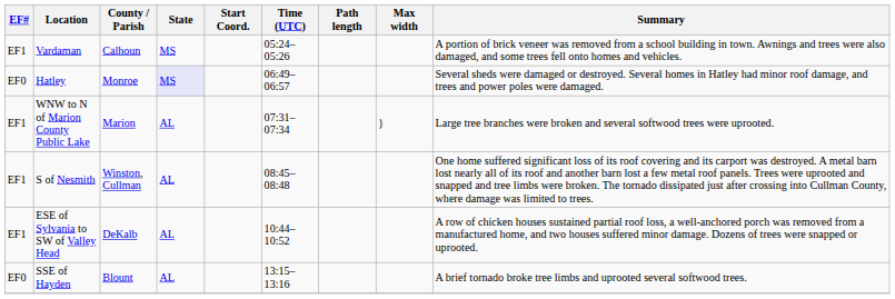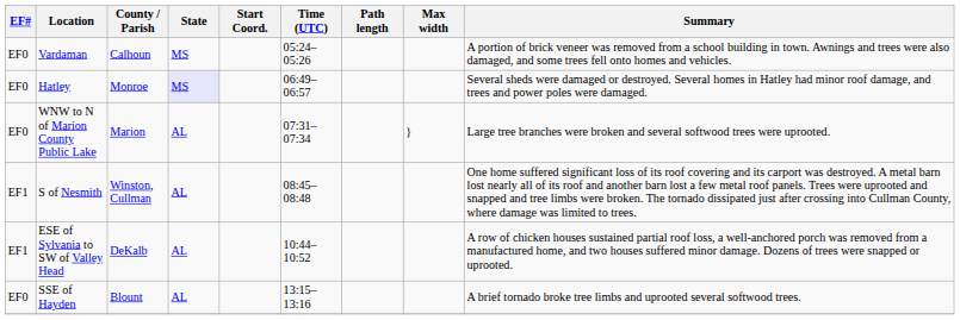 <table class="wikitable sortable" style="width:100%;">
 <tr>
 <th scope="col"  style="width:3%; text-align:center;"><a href='#'>EF#</a></th>
 <th scope="col"  style="width:7%; text-align:center;" class="unsortable">Location</th>
 <th scope="col"  style="width:6%; text-align:center;" class="unsortable">County / Parish</th>
 <th scope="col"  style="width:5%; text-align:center;">State</th>
 <th scope="col"  style="width:6%; text-align:center;">Start Coord.</th>
 <th scope="col"  style="width:6%; text-align:center;">Time (<a href='#'>UTC</a>)</th>
 <th scope="col"  style="width:6%; text-align:center;">Path length</th>
 <th scope="col"  style="width:6%; text-align:center;">Max width</th>
 <th scope="col" class="unsortable" style="width:48%; text-align:center;">Summary</th>
 </tr>
 <tr>
-<td>EF1</td>
+<td>EF0</td>
 <td><a href='#'>Vardaman</a></td>
 <td><a href='#'>Calhoun</a></td>
 <td><a href='#'>MS</a></td>
 <td></td>
 <td>05:24–05:26</td>
 <td></td>
 <td></td>
 <td>A portion of brick veneer was removed from a school building in town. Awnings and trees were also damaged, and some trees fell onto homes and vehicles.</td>
 </tr>
 <tr>
 <td>EF0</td>
 <td><a href='#'>Hatley</a></td>
 <td><a href='#'>Monroe</a></td>
 <td style="background: lavender;"><a href='#'>MS</a></td>
 <td></td>
 <td>06:49–06:57</td>
 <td></td>
 <td></td>
 <td>Several sheds were damaged or destroyed. Several homes in Hatley had minor roof damage, and trees and power poles were damaged.</td>
 </tr>
 <tr>
-<td>EF1</td>
+<td>EF0</td>
 <td>WNW to N of <a href='#'>Marion County Public Lake</a></td>
 <td><a href='#'>Marion</a></td>
 <td><a href='#'>AL</a></td>
 <td></td>
 <td>07:31–07:34</td>
 <td></td>
 <td>}</td>
 <td>Large tree branches were broken and several softwood trees were uprooted.</td>
 </tr>
 <tr>
 <td>EF1</td>
 <td>S of <a href='#'>Nesmith</a></td>
 <td><a href='#'>Winston</a>, <a href='#'>Cullman</a></td>
 <td><a href='#'>AL</a></td>
 <td></td>
 <td>08:45–08:48</td>
 <td></td>
 <td></td>
 <td>One home suffered significant loss of its roof covering and its carport was destroyed. A metal barn lost nearly all of its roof and another barn lost a few metal roof panels. Trees were uprooted and snapped and tree limbs were broken. The tornado dissipated just after crossing into Cullman County, where damage was limited to trees.</td>
 </tr>
 <tr>
 <td>EF1</td>
 <td>ESE of <a href='#'>Sylvania</a> to SW of <a href='#'>Valley Head</a></td>
 <td><a href='#'>DeKalb</a></td>
 <td><a href='#'>AL</a></td>
 <td></td>
 <td>10:44–10:52</td>
 <td></td>
 <td></td>
 <td>A row of chicken houses sustained partial roof loss, a well-anchored porch was removed from a manufactured home, and two houses suffered minor damage. Dozens of trees were snapped or uprooted.</td>
 </tr>
 <tr>
 <td>EF0</td>
 <td>SSE of <a href='#'>Hayden</a></td>
 <td><a href='#'>Blount</a></td>
 <td><a href='#'>AL</a></td>
 <td></td>
 <td>13:15–13:16</td>
 <td></td>
 <td></td>
 <td>A brief tornado broke tree limbs and uprooted several softwood trees.</td>
 </tr>
 <tr>
 </tr>
 </table>
